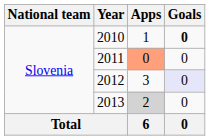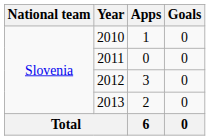 <table class="wikitable" style="text-align:center">
 <tr>
 <th>National team</th>
 <th>Year</th>
 <th>Apps</th>
 <th>Goals</th>
 </tr>
 <tr>
 <td rowspan="4"><a href='#'>Slovenia</a></td>
 <td>2010</td>
 <td>1</td>
-<td><strong>0</strong></td>
+<td>0</td>
 </tr>
 <tr>
 <td>2011</td>
-<td style="background: lightsalmon;">0</td>
+<td>0</td>
 <td>0</td>
 </tr>
 <tr>
 <td>2012</td>
 <td>3</td>
-<td style="background: lavender;">0</td>
+<td>0</td>
 </tr>
 <tr>
 <td>2013</td>
-<td style="background: lightgrey;">2</td>
+<td>2</td>
 <td>0</td>
 </tr>
 <tr>
 <th colspan="2">Total</th>
 <th>6</th>
 <th>0</th>
 </tr>
 </table>
